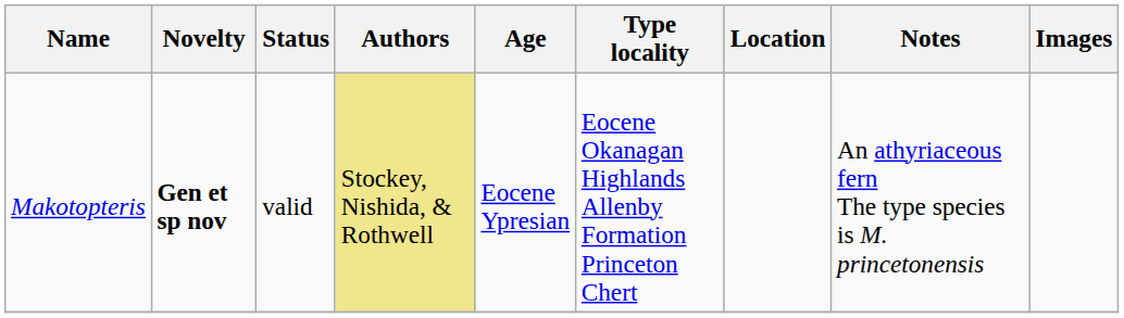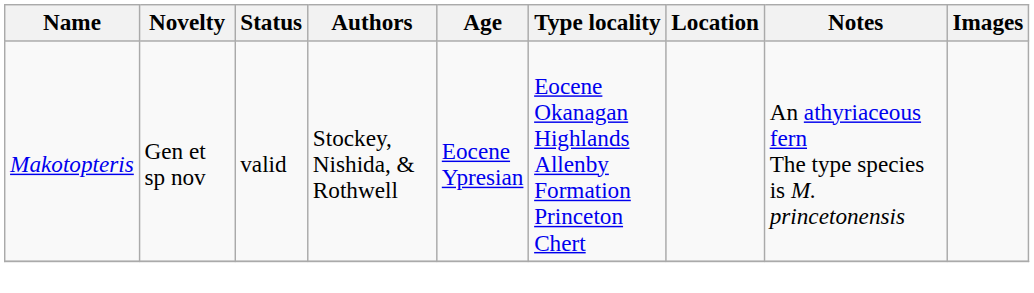 <table class="wikitable sortable" align="center" width="80%">
 <tr>
 <th>Name</th>
 <th>Novelty</th>
 <th>Status</th>
 <th>Authors</th>
 <th>Age</th>
 <th>Type locality</th>
 <th>Location</th>
 <th>Notes</th>
 <th>Images</th>
 </tr>
 <tr>
 <td><br><em><a href='#'>Makotopteris</a></em></td>
-<td><strong><br>Gen et sp nov</strong></td>
+<td><br>Gen et sp nov</td>
 <td><br>valid</td>
-<td style="background: khaki;"><br>Stockey, Nishida, & Rothwell</td>
+<td><br>Stockey, Nishida, & Rothwell</td>
 <td><br><a href='#'>Eocene</a><br><a href='#'>Ypresian</a></td>
 <td><br><a href='#'>Eocene Okanagan Highlands</a><br><a href='#'>Allenby Formation</a><br><a href='#'>Princeton Chert</a></td>
 <td><br><br></td>
 <td><br>An <a href='#'>athyriaceous fern</a><br> The type species is <em>M. princetonensis</em></td>
 <td></td>
 </tr>
 <tr>
 </tr>
 </table>
